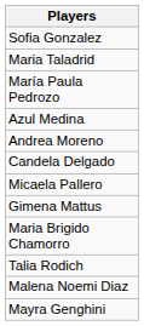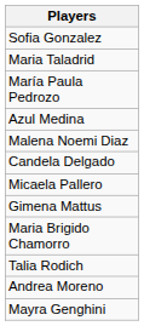 <table class="wikitable" style="width:25%">
 <tr>
 <th>Players</th>
 </tr>
 <tr>
 <td>Sofia Gonzalez</td>
 </tr>
 <tr>
 <td>Maria Taladrid</td>
 </tr>
 <tr>
 <td>María Paula Pedrozo</td>
 </tr>
 <tr>
 <td>Azul Medina</td>
 </tr>
 <tr>
-<td>Andrea Moreno</td>
+<td>Malena Noemi Diaz</td>
 </tr>
 <tr>
 <td>Candela Delgado</td>
 </tr>
 <tr>
 <td>Micaela Pallero</td>
 </tr>
 <tr>
 <td>Gimena Mattus</td>
 </tr>
 <tr>
 <td>Maria Brigido Chamorro</td>
 </tr>
 <tr>
 <td>Talia Rodich</td>
 </tr>
 <tr>
-<td>Malena Noemi Diaz</td>
+<td>Andrea Moreno</td>
 </tr>
 <tr>
 <td>Mayra Genghini</td>
 </tr>
 </table>
